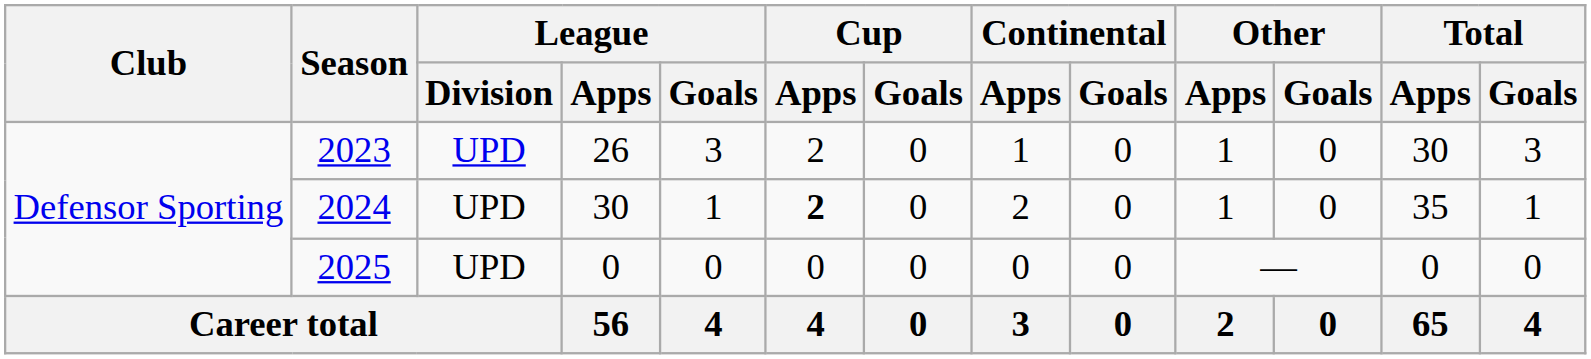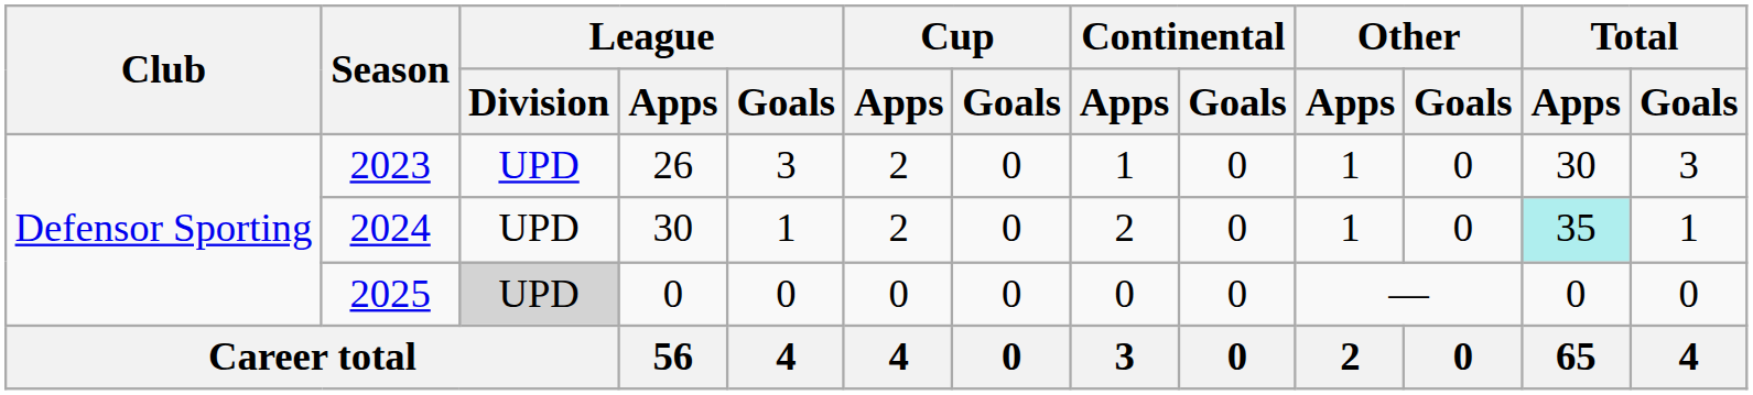 <table class="wikitable" style="text-align: center;">
 <tr>
 <th rowspan="2">Club</th>
 <th rowspan="2">Season</th>
 <th colspan="3">League</th>
 <th colspan="2">Cup</th>
 <th colspan="2">Continental</th>
 <th colspan="2">Other</th>
 <th colspan="2">Total</th>
 </tr>
 <tr>
 <th>Division</th>
 <th>Apps</th>
 <th>Goals</th>
 <th>Apps</th>
 <th>Goals</th>
 <th>Apps</th>
 <th>Goals</th>
 <th>Apps</th>
 <th>Goals</th>
 <th>Apps</th>
 <th>Goals</th>
 </tr>
 <tr>
 <td rowspan="3"><a href='#'>Defensor Sporting</a></td>
 <td><a href='#'>2023</a></td>
 <td><a href='#'>UPD</a></td>
 <td>26</td>
 <td>3</td>
 <td>2</td>
 <td>0</td>
 <td>1</td>
 <td>0</td>
 <td>1</td>
 <td>0</td>
 <td>30</td>
 <td>3</td>
 </tr>
 <tr>
 <td><a href='#'>2024</a></td>
 <td>UPD</td>
 <td>30</td>
 <td>1</td>
-<td><strong>2</strong></td>
+<td>2</td>
 <td>0</td>
 <td>2</td>
 <td>0</td>
 <td>1</td>
 <td>0</td>
-<td>35</td>
+<td style="background: paleturquoise;">35</td>
 <td>1</td>
 </tr>
 <tr>
 <td><a href='#'>2025</a></td>
-<td>UPD</td>
+<td style="background: lightgrey;">UPD</td>
 <td>0</td>
 <td>0</td>
 <td>0</td>
 <td>0</td>
 <td>0</td>
 <td>0</td>
 <td colspan="2">—</td>
 <td>0</td>
 <td>0</td>
 </tr>
 <tr>
 <th colspan="3">Career total</th>
 <th>56</th>
 <th>4</th>
 <th>4</th>
 <th>0</th>
 <th>3</th>
 <th>0</th>
 <th>2</th>
 <th>0</th>
 <th>65</th>
 <th>4</th>
 </tr>
 </table>
